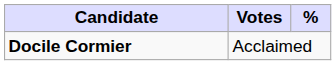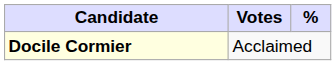 <table class="wikitable">
 <tr>
 <th style="background:#ddf; width:200px;">Candidate</th>
 <th style="background:#ddf; width:50px;">Votes</th>
 <th style="background:#ddf; width:30px;">%</th>
 </tr>
 <tr>
-<td><strong>Docile Cormier</strong></td>
+<td style="background: lightyellow;"><strong>Docile Cormier</strong></td>
 <td colspan="2">Acclaimed</td>
 </tr>
 </table>
